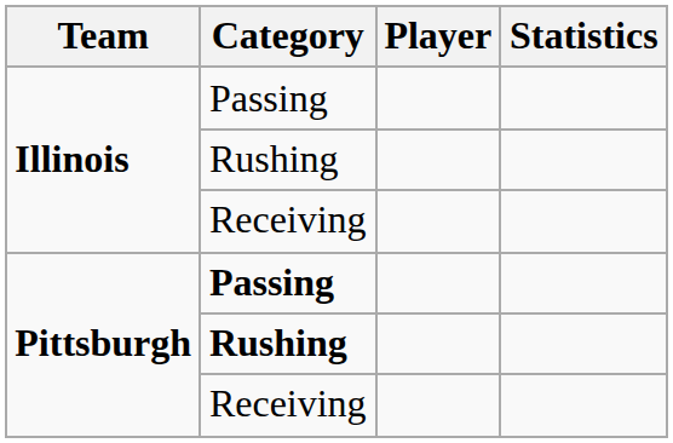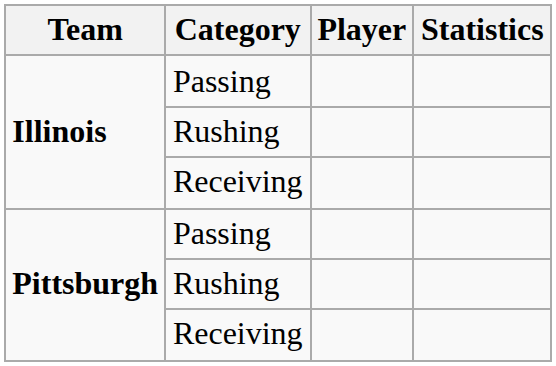 <table class="wikitable" style="float: right;">
 <tr>
 <th>Team</th>
 <th>Category</th>
 <th>Player</th>
 <th>Statistics</th>
 </tr>
 <tr>
 <td rowspan=3><strong>Illinois</strong></td>
 <td>Passing</td>
 <td></td>
 <td></td>
 </tr>
 <tr>
 <td>Rushing</td>
 <td></td>
 <td></td>
 </tr>
 <tr>
 <td>Receiving</td>
 <td></td>
 <td></td>
 </tr>
 <tr>
 <td rowspan=3><strong>Pittsburgh</strong></td>
-<td><strong>Passing</strong></td>
+<td>Passing</td>
 <td></td>
 <td></td>
 </tr>
 <tr>
-<td><strong>Rushing</strong></td>
+<td>Rushing</td>
 <td></td>
 <td></td>
 </tr>
 <tr>
 <td>Receiving</td>
 <td></td>
 <td></td>
 </tr>
 </table>
